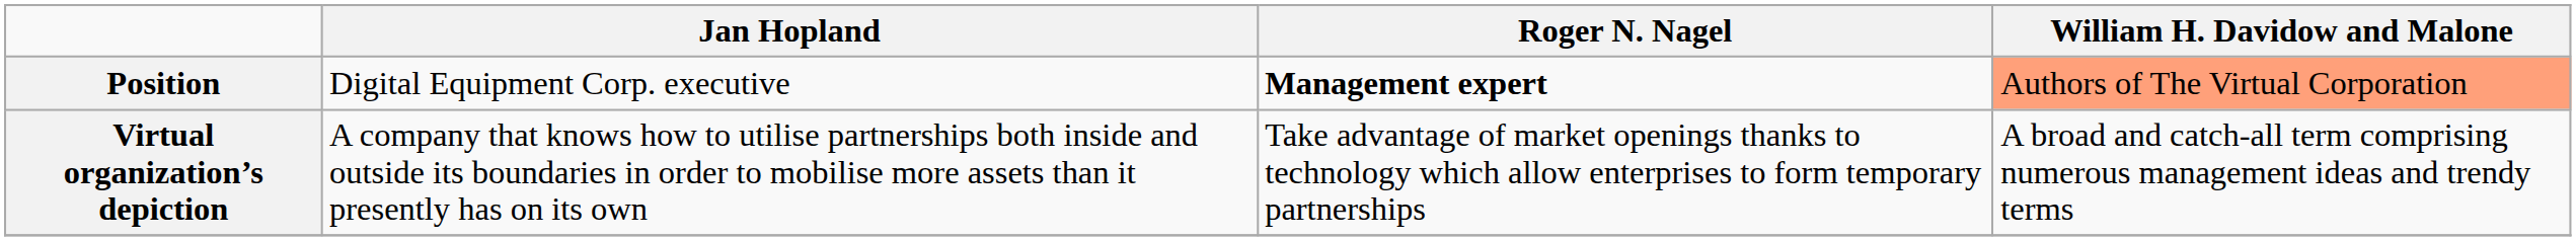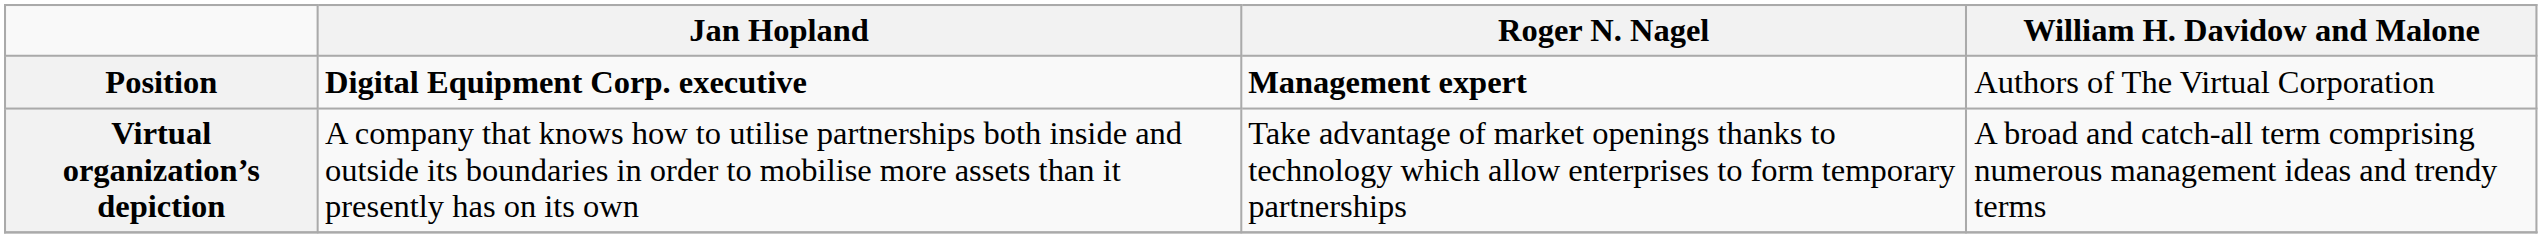 <table class="wikitable alternance centre">
 <tr>
 <td></td>
 <th scope="col">Jan Hopland</th>
 <th scope="col">Roger N. Nagel</th>
 <th scope="col">William H. Davidow and Malone</th>
 </tr>
 <tr>
 <th scope="row">Position</th>
-<td>Digital Equipment Corp. executive</td>
+<td><strong>Digital Equipment Corp. executive</strong></td>
 <td><strong>Management expert</strong></td>
-<td style="background: lightsalmon;">Authors of The Virtual Corporation</td>
+<td>Authors of The Virtual Corporation</td>
 </tr>
 <tr>
 <th scope="row">Virtual organization’s depiction</th>
 <td>A company that knows how to utilise partnerships both inside and outside its boundaries in order to mobilise more assets than it presently has on its own</td>
 <td>Take advantage of market openings thanks to technology which allow enterprises to form temporary partnerships</td>
 <td>A broad and catch-all term comprising numerous management ideas and trendy terms</td>
 </tr>
 <tr>
 </tr>
 </table>
